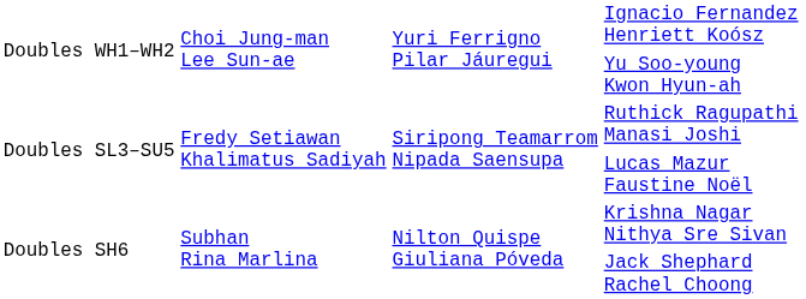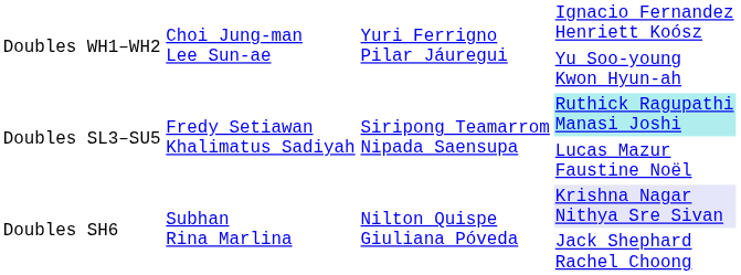 <table>
 <tr>
 <td rowspan="2">Doubles WH1–WH2<br></td>
 <td rowspan="2"> <a href='#'>Choi Jung-man</a><br> <a href='#'>Lee Sun-ae</a></td>
 <td rowspan="2"> <a href='#'>Yuri Ferrigno</a><br> <a href='#'>Pilar Jáuregui</a></td>
 <td> <a href='#'>Ignacio Fernandez</a><br> <a href='#'>Henriett Koósz</a></td>
 </tr>
 <tr>
 <td> <a href='#'>Yu Soo-young</a><br> <a href='#'>Kwon Hyun-ah</a></td>
 </tr>
 <tr>
 <td rowspan="2">Doubles SL3–SU5<br></td>
 <td rowspan="2"> <a href='#'>Fredy Setiawan</a><br> <a href='#'>Khalimatus Sadiyah</a></td>
 <td rowspan="2"> <a href='#'>Siripong Teamarrom</a><br> <a href='#'>Nipada Saensupa</a></td>
-<td> <a href='#'>Ruthick Ragupathi</a><br> <a href='#'>Manasi Joshi</a></td>
+<td style="background: paleturquoise;"> <a href='#'>Ruthick Ragupathi</a><br> <a href='#'>Manasi Joshi</a></td>
 </tr>
 <tr>
 <td> <a href='#'>Lucas Mazur</a><br> <a href='#'>Faustine Noël</a></td>
 </tr>
 <tr>
 <td rowspan="2">Doubles SH6<br></td>
 <td rowspan="2"> <a href='#'>Subhan</a> <br> <a href='#'>Rina Marlina</a></td>
 <td rowspan="2"> <a href='#'>Nilton Quispe</a> <br> <a href='#'>Giuliana Póveda</a></td>
-<td> <a href='#'>Krishna Nagar</a><br> <a href='#'>Nithya Sre Sivan</a></td>
+<td style="background: lavender;"> <a href='#'>Krishna Nagar</a><br> <a href='#'>Nithya Sre Sivan</a></td>
 </tr>
 <tr>
 <td> <a href='#'>Jack Shephard</a><br> <a href='#'>Rachel Choong</a></td>
 </tr>
 </table>
